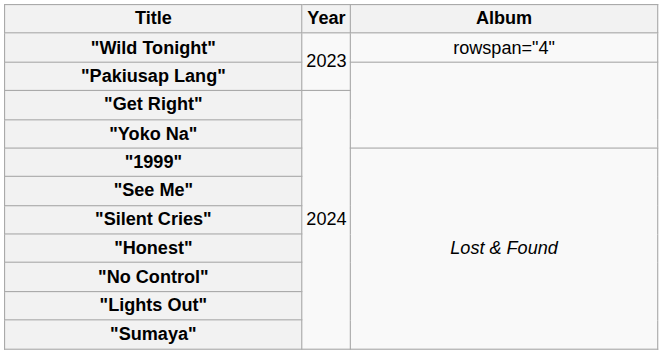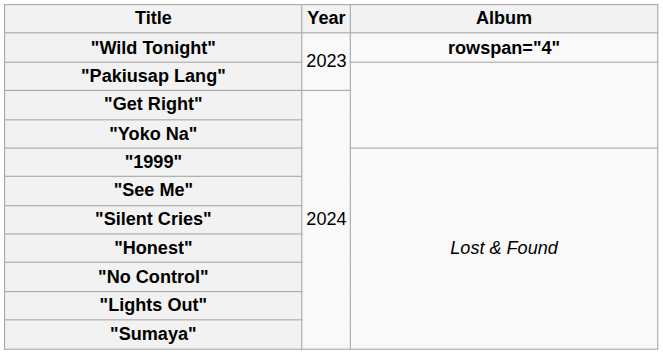 <table class="wikitable plainrowheaders" style="text-align:center;">
 <tr>
 <th rowspan="1" scope="col" style="width:16em;">Title</th>
 <th rowspan="1" scope="col" style="width:2em;">Year</th>
 <th rowspan="1" scope="col" style="width:16.5em;">Album</th>
 </tr>
 <tr>
 <th scope="row">"Wild Tonight"</th>
 <td rowspan="2">2023</td>
-<td>rowspan="4" </td>
+<td><strong>rowspan="4" </strong></td>
 </tr>
 <tr>
 <th scope="row">"Pakiusap Lang"</th>
 </tr>
 <tr>
 <th scope="row">"Get Right"</th>
 <td rowspan="9">2024</td>
 </tr>
 <tr>
 <th scope="row">"Yoko Na"<br></th>
 </tr>
 <tr>
 <th scope="row">"1999"</th>
 <td rowspan="7"><em>Lost & Found</em></td>
 </tr>
 <tr>
 <th scope="row">"See Me"</th>
 </tr>
 <tr>
 <th scope="row">"Silent Cries"</th>
 </tr>
 <tr>
 <th scope="row">"Honest"</th>
 </tr>
 <tr>
 <th scope="row">"No Control"<br></th>
 </tr>
 <tr>
 <th scope="row">"Lights Out"<br></th>
 </tr>
 <tr>
 <th scope="row">"Sumaya"</th>
 </tr>
 </table>
